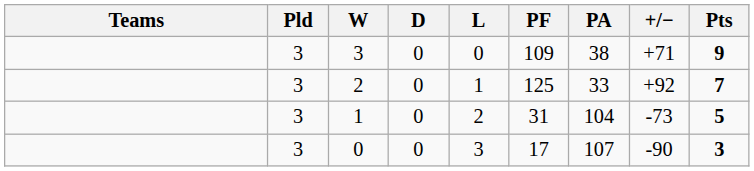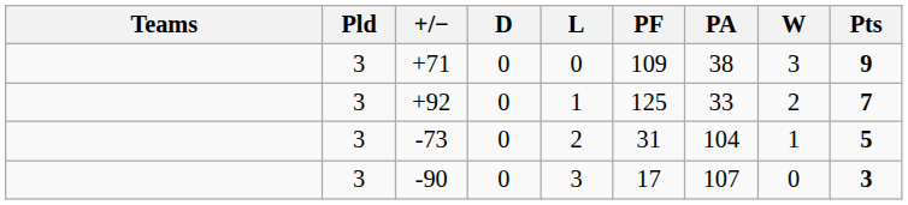 <table class="wikitable" style="text-align: center;">
 <tr>
 <th width="200">Teams</th>
 <th width="40">Pld</th>
-<th width="40">W</th>
+<th width="40">+/−</th>
 <th width="40">D</th>
 <th width="40">L</th>
 <th width="40">PF</th>
 <th width="40">PA</th>
-<th width="40">+/−</th>
+<th width="40">W</th>
 <th width="40">Pts</th>
 </tr>
 <tr>
 <td align=left></td>
 <td>3</td>
-<td>3</td>
+<td>+71</td>
 <td>0</td>
 <td>0</td>
 <td>109</td>
 <td>38</td>
-<td>+71</td>
+<td>3</td>
 <td><strong>9</strong></td>
 </tr>
 <tr>
 <td align=left></td>
 <td>3</td>
-<td>2</td>
+<td>+92</td>
 <td>0</td>
 <td>1</td>
 <td>125</td>
 <td>33</td>
-<td>+92</td>
+<td>2</td>
 <td><strong>7</strong></td>
 </tr>
 <tr>
 <td align=left></td>
 <td>3</td>
-<td>1</td>
+<td>-73</td>
 <td>0</td>
 <td>2</td>
 <td>31</td>
 <td>104</td>
-<td>-73</td>
+<td>1</td>
 <td><strong>5</strong></td>
 </tr>
 <tr>
 <td align=left></td>
 <td>3</td>
-<td>0</td>
+<td>-90</td>
 <td>0</td>
 <td>3</td>
 <td>17</td>
 <td>107</td>
-<td>-90</td>
+<td>0</td>
 <td><strong>3</strong></td>
 </tr>
 </table>
